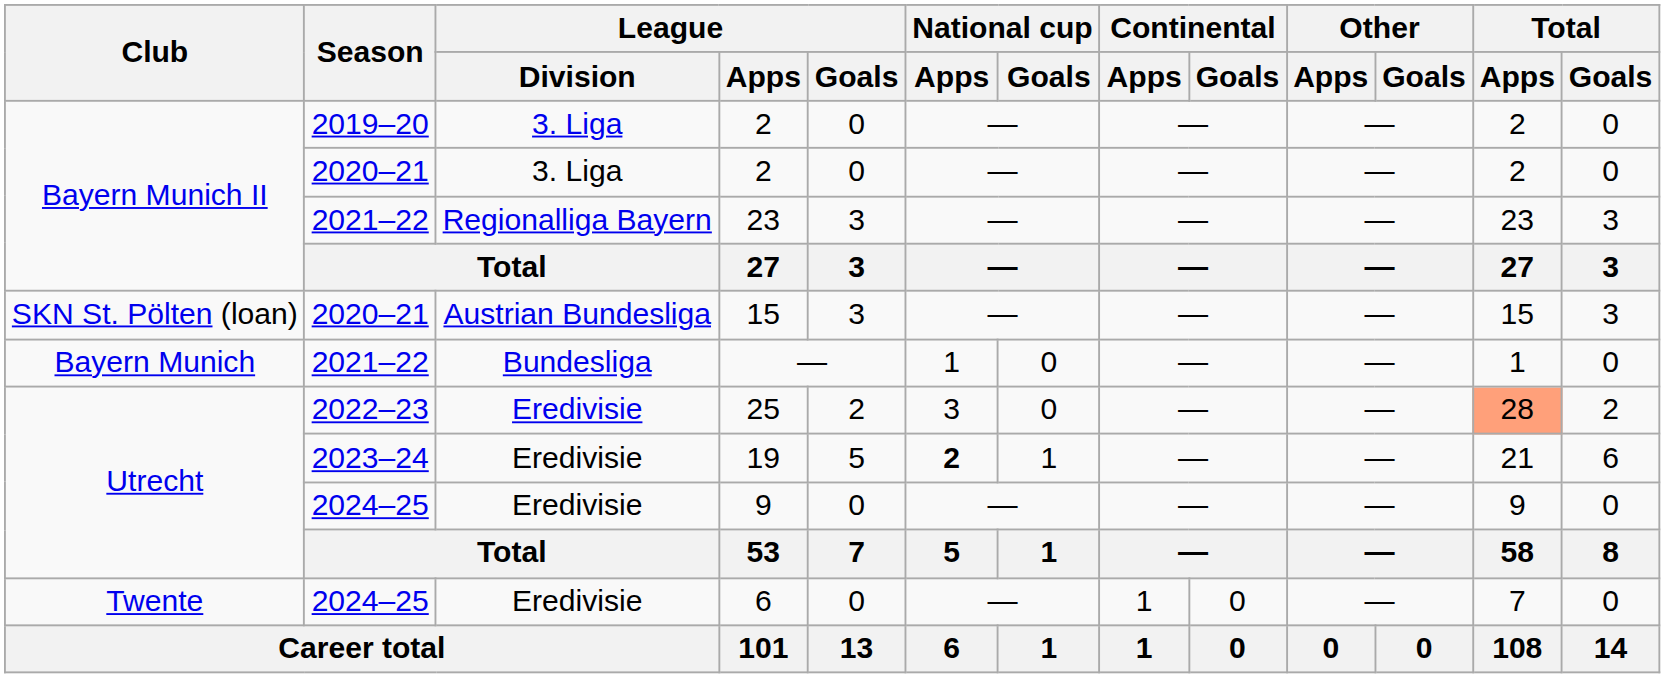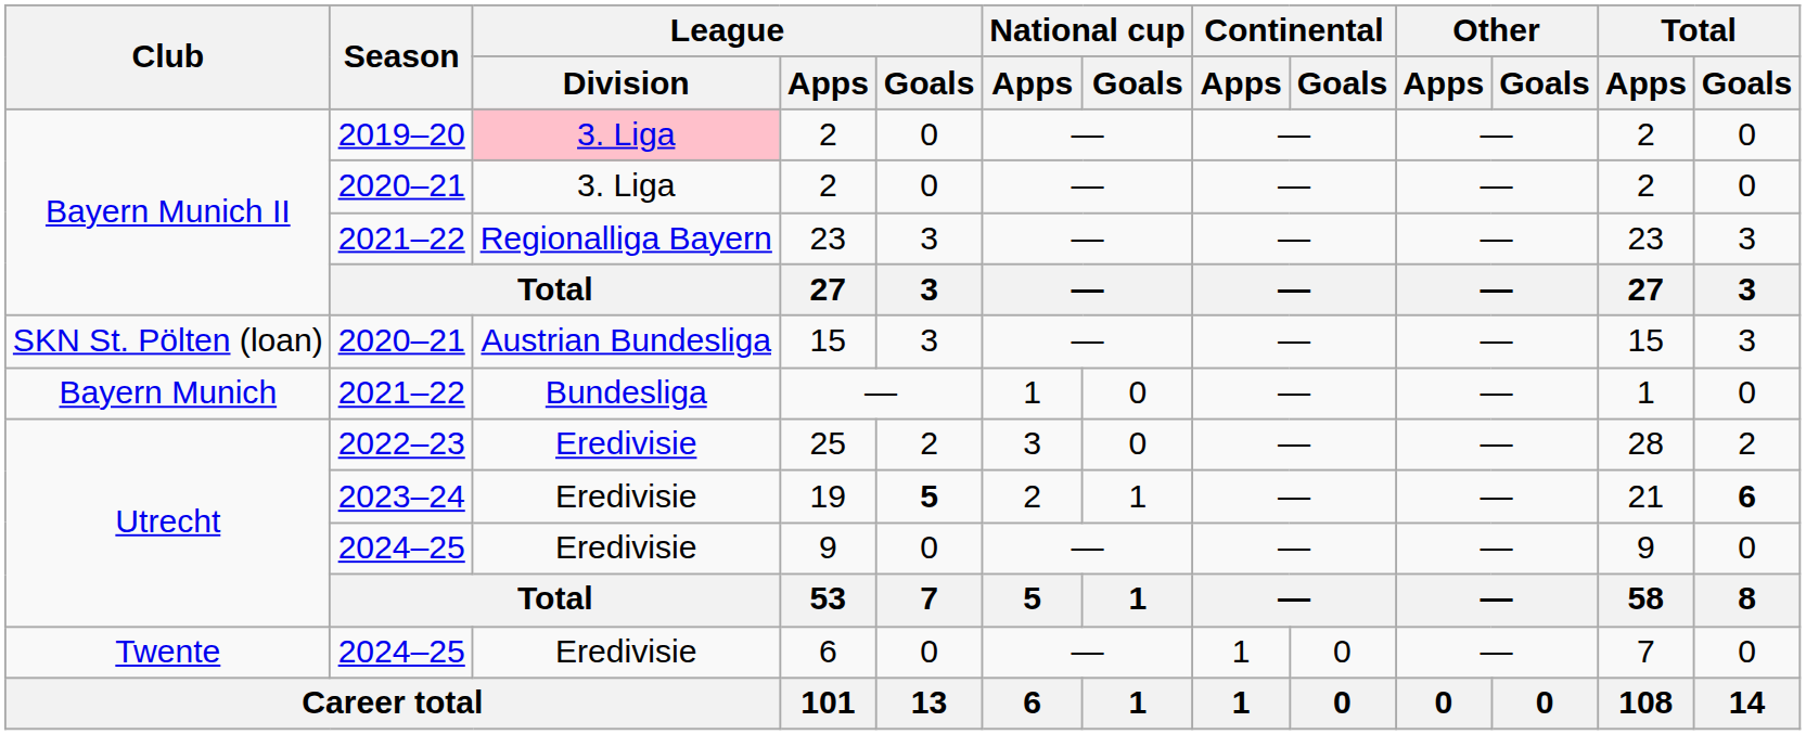 <table class="wikitable" Style="text-align: center">
 <tr>
 <th rowspan="2">Club</th>
 <th rowspan="2">Season</th>
 <th colspan="3">League</th>
 <th colspan="2">National cup</th>
 <th colspan="2">Continental</th>
 <th colspan="2">Other</th>
 <th colspan="2">Total</th>
 </tr>
 <tr>
 <th>Division</th>
 <th>Apps</th>
 <th>Goals</th>
 <th>Apps</th>
 <th>Goals</th>
 <th>Apps</th>
 <th>Goals</th>
 <th>Apps</th>
 <th>Goals</th>
 <th>Apps</th>
 <th>Goals</th>
 </tr>
 <tr>
 <td rowspan="4"><a href='#'>Bayern Munich II</a></td>
 <td><a href='#'>2019–20</a></td>
-<td><a href='#'>3. Liga</a></td>
+<td style="background: pink;"><a href='#'>3. Liga</a></td>
 <td>2</td>
 <td>0</td>
 <td colspan="2">—</td>
 <td colspan="2">—</td>
 <td colspan="2">—</td>
 <td>2</td>
 <td>0</td>
 </tr>
 <tr>
 <td><a href='#'>2020–21</a></td>
 <td>3. Liga</td>
 <td>2</td>
 <td>0</td>
 <td colspan="2">—</td>
 <td colspan="2">—</td>
 <td colspan="2">—</td>
 <td>2</td>
 <td>0</td>
 </tr>
 <tr>
 <td><a href='#'>2021–22</a></td>
 <td><a href='#'>Regionalliga Bayern</a></td>
 <td>23</td>
 <td>3</td>
 <td colspan="2">—</td>
 <td colspan="2">—</td>
 <td colspan="2">—</td>
 <td>23</td>
 <td>3</td>
 </tr>
 <tr>
 <th colspan="2">Total</th>
 <th>27</th>
 <th>3</th>
 <th colspan="2">—</th>
 <th colspan="2">—</th>
 <th colspan="2">—</th>
 <th>27</th>
 <th>3</th>
 </tr>
 <tr>
 <td><a href='#'>SKN St. Pölten</a> (loan)</td>
 <td><a href='#'>2020–21</a></td>
 <td><a href='#'>Austrian Bundesliga</a></td>
 <td>15</td>
 <td>3</td>
 <td colspan="2">—</td>
 <td colspan="2">—</td>
 <td colspan="2">—</td>
 <td>15</td>
 <td>3</td>
 </tr>
 <tr>
 <td><a href='#'>Bayern Munich</a></td>
 <td><a href='#'>2021–22</a></td>
 <td><a href='#'>Bundesliga</a></td>
 <td colspan="2">—</td>
 <td>1</td>
 <td>0</td>
 <td colspan="2">—</td>
 <td colspan="2">—</td>
 <td>1</td>
 <td>0</td>
 </tr>
 <tr>
 <td rowspan="4"><a href='#'>Utrecht</a></td>
 <td><a href='#'>2022–23</a></td>
 <td><a href='#'>Eredivisie</a></td>
 <td>25</td>
 <td>2</td>
 <td>3</td>
 <td>0</td>
 <td colspan="2">—</td>
 <td colspan="2">—</td>
-<td style="background: lightsalmon;">28</td>
+<td>28</td>
 <td>2</td>
 </tr>
 <tr>
 <td><a href='#'>2023–24</a></td>
 <td>Eredivisie</td>
 <td>19</td>
-<td>5</td>
-<td><strong>2</strong></td>
+<td><strong>5</strong></td>
+<td>2</td>
 <td>1</td>
 <td colspan="2">—</td>
 <td colspan="2">—</td>
 <td>21</td>
-<td>6</td>
+<td><strong>6</strong></td>
 </tr>
 <tr>
 <td><a href='#'>2024–25</a></td>
 <td>Eredivisie</td>
 <td>9</td>
 <td>0</td>
 <td colspan="2">—</td>
 <td colspan="2">—</td>
 <td colspan="2">—</td>
 <td>9</td>
 <td>0</td>
 </tr>
 <tr>
 <th colspan="2">Total</th>
 <th>53</th>
 <th>7</th>
 <th>5</th>
 <th>1</th>
 <th colspan="2">—</th>
 <th colspan="2">—</th>
 <th>58</th>
 <th>8</th>
 </tr>
 <tr>
 <td rowspan="1"><a href='#'>Twente</a></td>
 <td><a href='#'>2024–25</a></td>
 <td>Eredivisie</td>
 <td>6</td>
 <td>0</td>
 <td colspan="2">—</td>
 <td>1</td>
 <td>0</td>
 <td colspan="2">—</td>
 <td>7</td>
 <td>0</td>
 </tr>
 <tr>
 <th colspan="3">Career total</th>
 <th>101</th>
 <th>13</th>
 <th>6</th>
 <th>1</th>
 <th>1</th>
 <th>0</th>
 <th>0</th>
 <th>0</th>
 <th>108</th>
 <th>14</th>
 </tr>
 </table>
